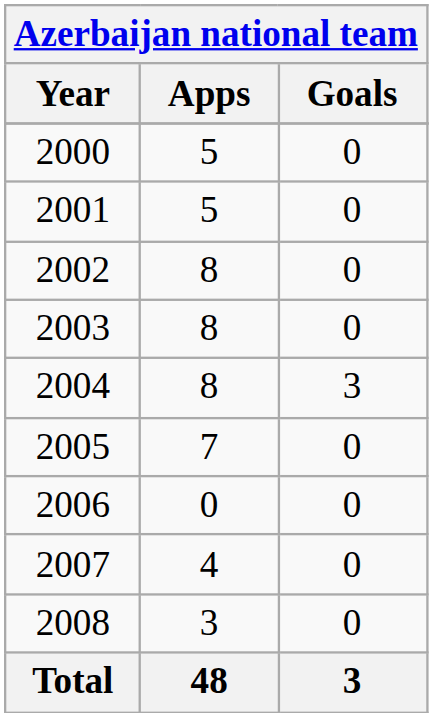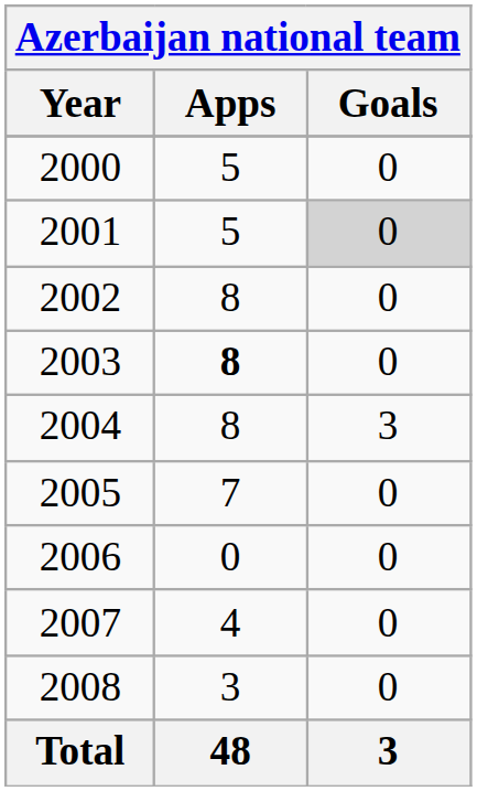 <table class="wikitable" style="text-align:center">
 <tr>
 <th colspan=3><a href='#'>Azerbaijan national team</a></th>
 </tr>
 <tr>
 <th>Year</th>
 <th>Apps</th>
 <th>Goals</th>
 </tr>
 <tr>
 </tr>
 <tr>
 <td>2000</td>
 <td>5</td>
 <td>0</td>
 </tr>
 <tr>
 <td>2001</td>
 <td>5</td>
-<td>0</td>
+<td style="background: lightgrey;">0</td>
 </tr>
 <tr>
 <td>2002</td>
 <td>8</td>
 <td>0</td>
 </tr>
 <tr>
 <td>2003</td>
-<td>8</td>
+<td><strong>8</strong></td>
 <td>0</td>
 </tr>
 <tr>
 <td>2004</td>
 <td>8</td>
 <td>3</td>
 </tr>
 <tr>
 <td>2005</td>
 <td>7</td>
 <td>0</td>
 </tr>
 <tr>
 <td>2006</td>
 <td>0</td>
 <td>0</td>
 </tr>
 <tr>
 <td>2007</td>
 <td>4</td>
 <td>0</td>
 </tr>
 <tr>
 <td>2008</td>
 <td>3</td>
 <td>0</td>
 </tr>
 <tr>
 <th>Total</th>
 <th>48</th>
 <th>3</th>
 </tr>
 </table>
